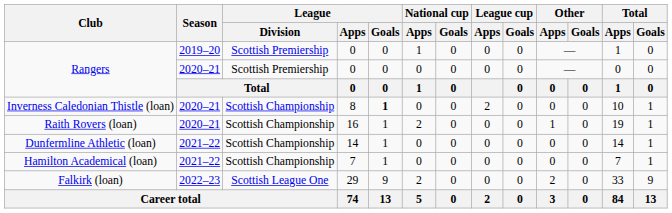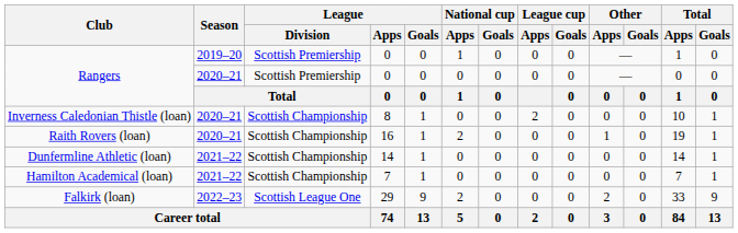 <table class="wikitable" style="text-align:center">
 <tr>
 <th rowspan="2">Club</th>
 <th rowspan="2">Season</th>
 <th colspan="3">League</th>
 <th colspan="2">National cup</th>
 <th colspan="2">League cup</th>
 <th colspan="2">Other</th>
 <th colspan="2">Total</th>
 </tr>
 <tr>
 <th>Division</th>
 <th>Apps</th>
 <th>Goals</th>
 <th>Apps</th>
 <th>Goals</th>
 <th>Apps</th>
 <th>Goals</th>
 <th>Apps</th>
 <th>Goals</th>
 <th>Apps</th>
 <th>Goals</th>
 </tr>
 <tr>
 <td rowspan="3"><a href='#'>Rangers</a></td>
 <td><a href='#'>2019–20</a></td>
 <td><a href='#'>Scottish Premiership</a></td>
 <td>0</td>
 <td>0</td>
 <td>1</td>
 <td>0</td>
 <td>0</td>
 <td>0</td>
 <td colspan="2">—</td>
 <td>1</td>
 <td>0</td>
 </tr>
 <tr>
 <td><a href='#'>2020–21</a></td>
 <td>Scottish Premiership</td>
 <td>0</td>
 <td>0</td>
 <td>0</td>
 <td>0</td>
 <td>0</td>
 <td>0</td>
 <td colspan="2">—</td>
 <td>0</td>
 <td>0</td>
 </tr>
 <tr>
 <th colspan="2">Total</th>
 <th>0</th>
 <th>0</th>
 <th>1</th>
 <th>0</th>
 <th></th>
 <th>0</th>
 <th>0</th>
 <th>0</th>
 <th>1</th>
 <th>0</th>
 </tr>
 <tr>
 <td><a href='#'>Inverness Caledonian Thistle</a> (loan)</td>
 <td><a href='#'>2020–21</a></td>
 <td><a href='#'>Scottish Championship</a></td>
 <td>8</td>
-<td><strong>1</strong></td>
+<td>1</td>
 <td>0</td>
 <td>0</td>
 <td>2</td>
 <td>0</td>
 <td>0</td>
 <td>0</td>
 <td>10</td>
 <td>1</td>
 </tr>
 <tr>
 <td><a href='#'>Raith Rovers</a> (loan)</td>
 <td><a href='#'>2020–21</a></td>
 <td>Scottish Championship</td>
 <td>16</td>
 <td>1</td>
 <td>2</td>
 <td>0</td>
 <td>0</td>
 <td>0</td>
 <td>1</td>
 <td>0</td>
 <td>19</td>
 <td>1</td>
 </tr>
 <tr>
 <td><a href='#'>Dunfermline Athletic</a> (loan)</td>
 <td><a href='#'>2021–22</a></td>
 <td>Scottish Championship</td>
 <td>14</td>
 <td>1</td>
 <td>0</td>
 <td>0</td>
 <td>0</td>
 <td>0</td>
 <td>0</td>
 <td>0</td>
 <td>14</td>
 <td>1</td>
 </tr>
 <tr>
 <td><a href='#'>Hamilton Academical</a> (loan)</td>
 <td><a href='#'>2021–22</a></td>
 <td>Scottish Championship</td>
 <td>7</td>
 <td>1</td>
 <td>0</td>
 <td>0</td>
 <td>0</td>
 <td>0</td>
 <td>0</td>
 <td>0</td>
 <td>7</td>
 <td>1</td>
 </tr>
 <tr>
 <td><a href='#'>Falkirk</a> (loan)</td>
 <td><a href='#'>2022–23</a></td>
 <td><a href='#'>Scottish League One</a></td>
 <td>29</td>
 <td>9</td>
 <td>2</td>
 <td>0</td>
 <td>0</td>
 <td>0</td>
 <td>2</td>
 <td>0</td>
 <td>33</td>
 <td>9</td>
 </tr>
 <tr>
 <th colspan="3">Career total</th>
 <th>74</th>
 <th>13</th>
 <th>5</th>
 <th>0</th>
 <th>2</th>
 <th>0</th>
 <th>3</th>
 <th>0</th>
 <th>84</th>
 <th>13</th>
 </tr>
 </table>
